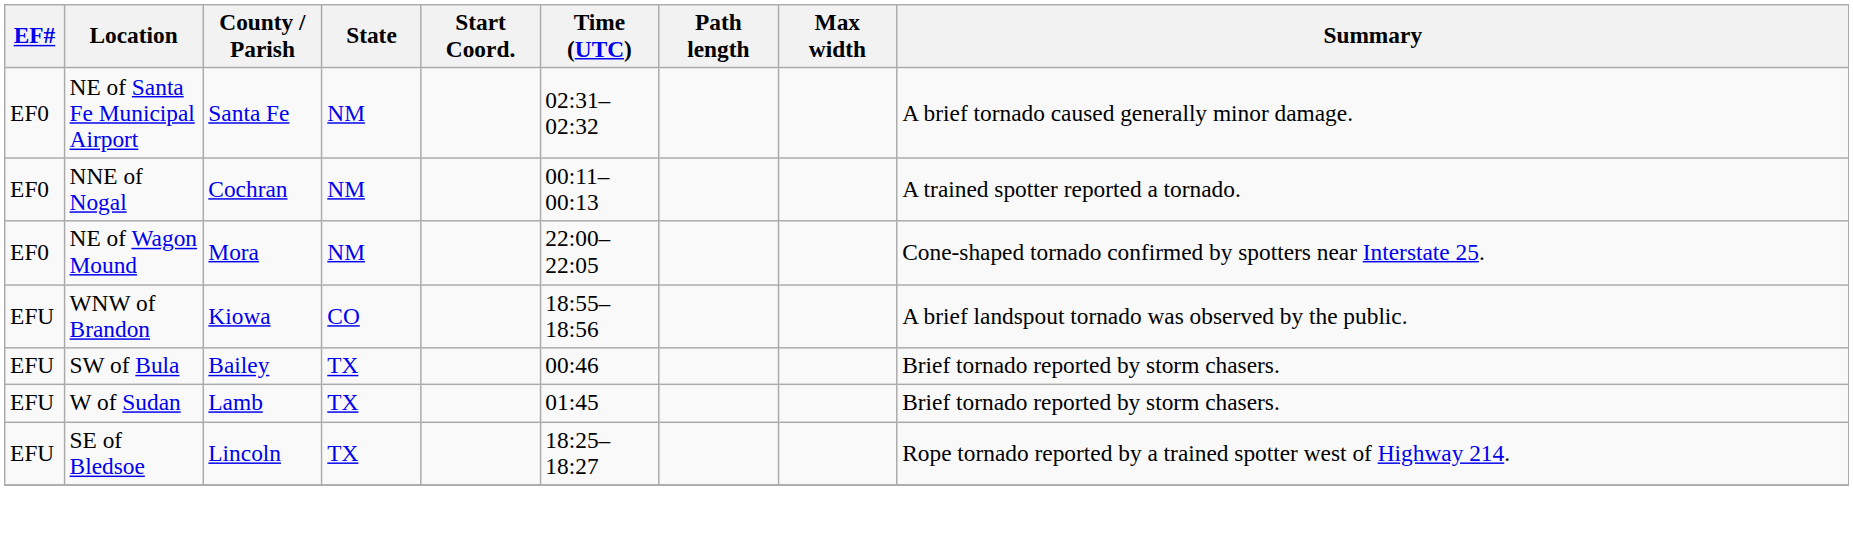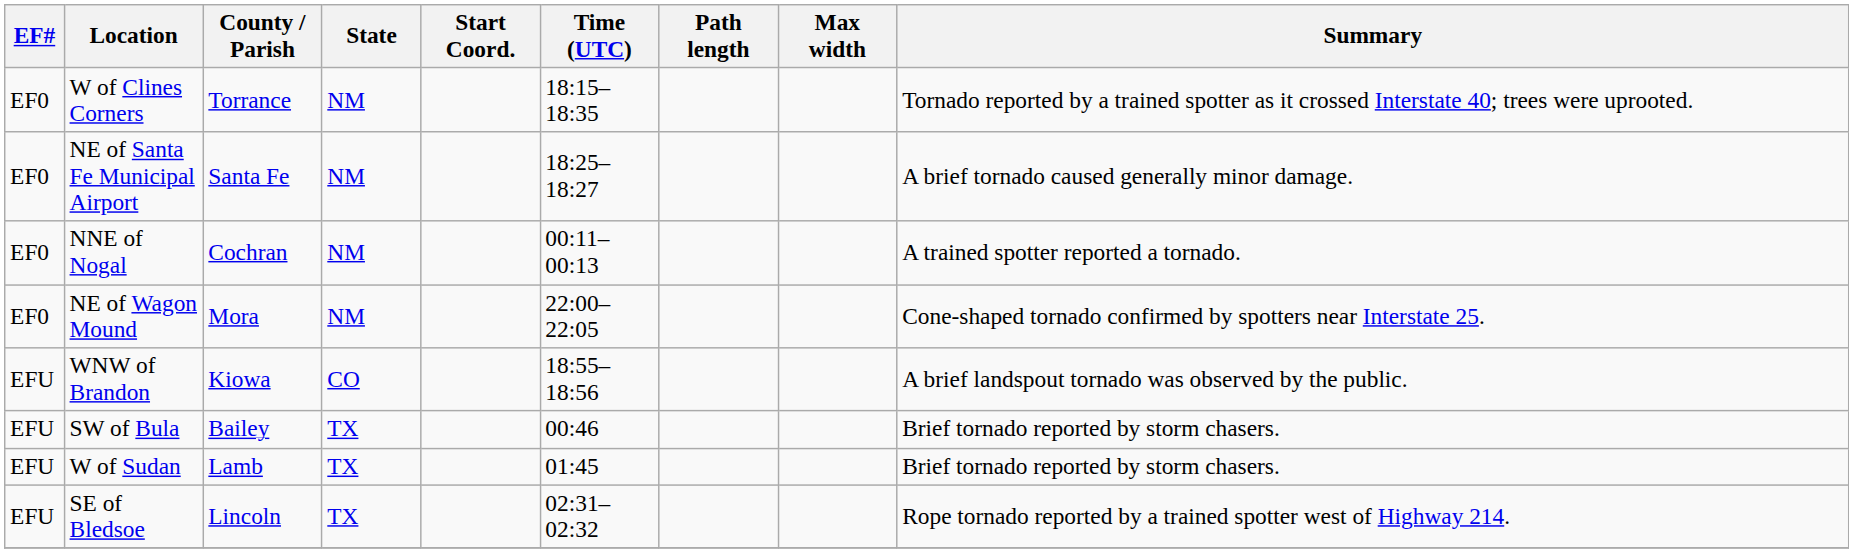 <table class="wikitable sortable" style="width:100%;">
 <tr>
 <th scope="col"  style="width:3%; text-align:center;"><a href='#'>EF#</a></th>
 <th scope="col"  style="width:7%; text-align:center;" class="unsortable">Location</th>
 <th scope="col"  style="width:6%; text-align:center;" class="unsortable">County / Parish</th>
 <th scope="col"  style="width:5%; text-align:center;">State</th>
 <th scope="col"  style="width:6%; text-align:center;">Start Coord.</th>
 <th scope="col"  style="width:6%; text-align:center;">Time (<a href='#'>UTC</a>)</th>
 <th scope="col"  style="width:6%; text-align:center;">Path length</th>
 <th scope="col"  style="width:6%; text-align:center;">Max width</th>
 <th scope="col" class="unsortable" style="width:48%; text-align:center;">Summary</th>
 </tr>
 <tr>
 <td>EF0</td>
+<td>W of <a href='#'>Clines Corners</a></td>
+<td><a href='#'>Torrance</a></td>
+<td><a href='#'>NM</a></td>
+<td></td>
+<td>18:15–18:35</td>
+<td></td>
+<td></td>
+<td>Tornado reported by a trained spotter as it crossed <a href='#'>Interstate 40</a>; trees were uprooted.</td>
+</tr>
+<tr>
+<td>EF0</td>
 <td>NE of <a href='#'>Santa Fe Municipal Airport</a></td>
 <td><a href='#'>Santa Fe</a></td>
 <td><a href='#'>NM</a></td>
 <td></td>
-<td>02:31–02:32</td>
+<td>18:25–18:27</td>
 <td></td>
 <td></td>
 <td>A brief tornado caused generally minor damage.</td>
 </tr>
 <tr>
 <td>EF0</td>
 <td>NNE of <a href='#'>Nogal</a></td>
 <td><a href='#'>Cochran</a></td>
 <td><a href='#'>NM</a></td>
 <td></td>
 <td>00:11–00:13</td>
 <td></td>
 <td></td>
 <td>A trained spotter reported a tornado.</td>
 </tr>
 <tr>
 <td>EF0</td>
 <td>NE of <a href='#'>Wagon Mound</a></td>
 <td><a href='#'>Mora</a></td>
 <td><a href='#'>NM</a></td>
 <td></td>
 <td>22:00–22:05</td>
 <td></td>
 <td></td>
 <td>Cone-shaped tornado confirmed by spotters near <a href='#'>Interstate 25</a>.</td>
 </tr>
 <tr>
 <td>EFU</td>
 <td>WNW of <a href='#'>Brandon</a></td>
 <td><a href='#'>Kiowa</a></td>
 <td><a href='#'>CO</a></td>
 <td></td>
 <td>18:55–18:56</td>
 <td></td>
 <td></td>
 <td>A brief landspout tornado was observed by the public.</td>
 </tr>
 <tr>
 <td>EFU</td>
 <td>SW of <a href='#'>Bula</a></td>
 <td><a href='#'>Bailey</a></td>
 <td><a href='#'>TX</a></td>
 <td></td>
 <td>00:46</td>
 <td></td>
 <td></td>
 <td>Brief tornado reported by storm chasers.</td>
 </tr>
 <tr>
 <td>EFU</td>
 <td>W of <a href='#'>Sudan</a></td>
 <td><a href='#'>Lamb</a></td>
 <td><a href='#'>TX</a></td>
 <td></td>
 <td>01:45</td>
 <td></td>
 <td></td>
 <td>Brief tornado reported by storm chasers.</td>
 </tr>
 <tr>
 <td>EFU</td>
 <td>SE of <a href='#'>Bledsoe</a></td>
 <td><a href='#'>Lincoln</a></td>
 <td><a href='#'>TX</a></td>
 <td></td>
-<td>18:25–18:27</td>
+<td>02:31–02:32</td>
 <td></td>
 <td></td>
 <td>Rope tornado reported by a trained spotter west of <a href='#'>Highway 214</a>.</td>
 </tr>
 <tr>
 </tr>
 </table>
